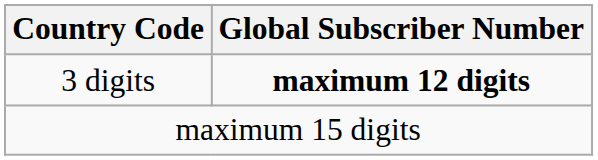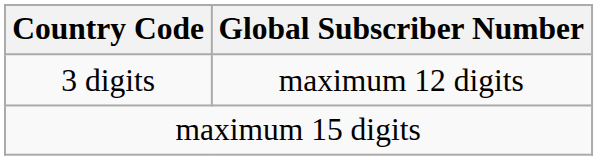 <table class="wikitable">
 <tr>
 <th>Country Code</th>
 <th>Global Subscriber Number</th>
 </tr>
 <tr style="text-align:center;">
 <td>3 digits</td>
-<td><strong>maximum 12 digits</strong></td>
+<td>maximum 12 digits</td>
 </tr>
 <tr>
 <td colspan="2" style="text-align:center;">maximum 15 digits</td>
 </tr>
 </table>
